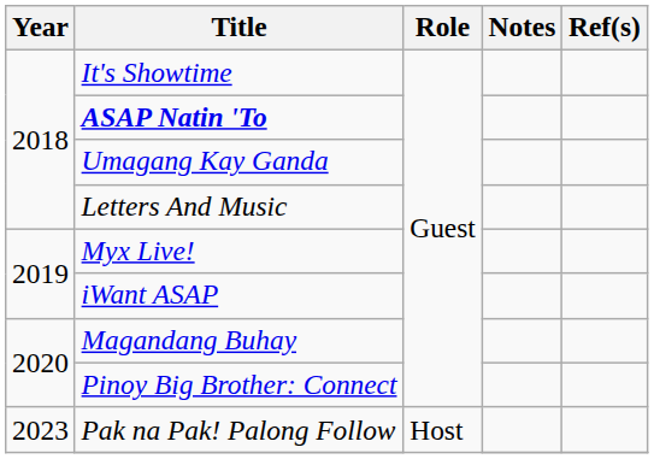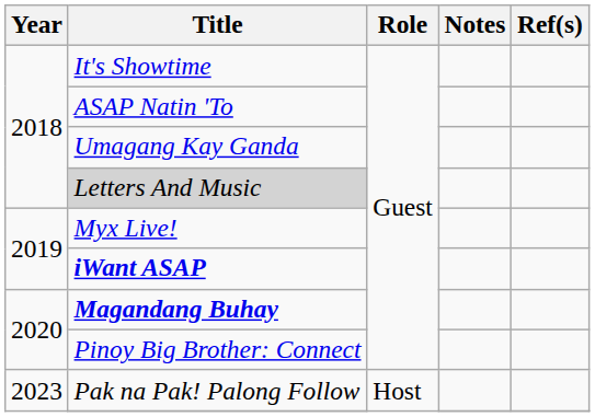 <table class="wikitable plainrowheaders sortable">
 <tr>
 <th scope="col">Year</th>
 <th scope="col">Title</th>
 <th scope="col">Role</th>
 <th>Notes</th>
 <th>Ref(s)</th>
 </tr>
 <tr>
 <td rowspan="4">2018</td>
 <td><em><a href='#'>It's Showtime</a></em></td>
 <td rowspan="8">Guest</td>
 <td></td>
 <td></td>
 </tr>
 <tr>
-<td><strong><em><a href='#'>ASAP Natin 'To</a></em></strong></td>
+<td><em><a href='#'>ASAP Natin 'To</a></em></td>
 <td></td>
 <td></td>
 </tr>
 <tr>
 <td><em><a href='#'>Umagang Kay Ganda</a></em></td>
 <td></td>
 <td></td>
 </tr>
 <tr>
-<td><em>Letters And Music</em></td>
+<td style="background: lightgrey;"><em>Letters And Music</em></td>
 <td></td>
 <td></td>
 </tr>
 <tr>
 <td rowspan="2">2019</td>
 <td><a href='#'><em>Myx Live!</em></a></td>
 <td></td>
 <td></td>
 </tr>
 <tr>
-<td><em><a href='#'>iWant ASAP</a></em></td>
+<td><strong><em><a href='#'>iWant ASAP</a></em></strong></td>
 <td></td>
 <td></td>
 </tr>
 <tr>
 <td rowspan="2">2020</td>
-<td><em><a href='#'>Magandang Buhay</a></em></td>
+<td><strong><em><a href='#'>Magandang Buhay</a></em></strong></td>
 <td></td>
 <td></td>
 </tr>
 <tr>
 <td><em><a href='#'>Pinoy Big Brother: Connect</a></em></td>
 <td></td>
 <td></td>
 </tr>
 <tr>
 <td rowspan="2">2023</td>
 <td><em>Pak na Pak! Palong Follow</em></td>
 <td rowspan="8">Host</td>
 <td></td>
 <td></td>
 </tr>
 <tr>
 </tr>
 </table>
